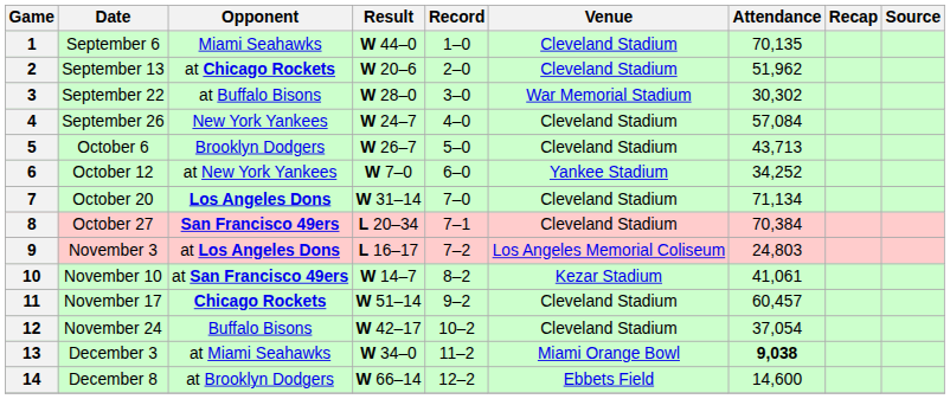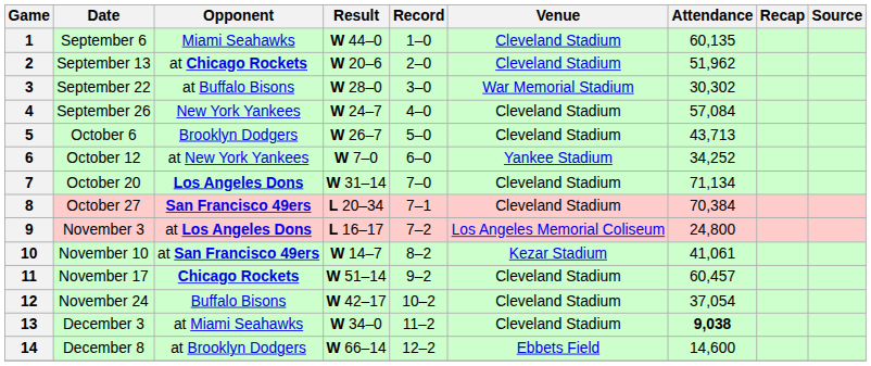 <table class="wikitable" style="text-align:center">
 <tr>
 <th>Game</th>
 <th>Date</th>
 <th>Opponent</th>
 <th>Result</th>
 <th>Record</th>
 <th>Venue</th>
 <th>Attendance</th>
 <th>Recap</th>
 <th>Source</th>
 </tr>
 <tr style="background: #cfc;">
 <th>1</th>
 <td>September 6</td>
 <td><a href='#'>Miami Seahawks</a></td>
 <td><strong>W</strong> 44–0</td>
 <td>1–0</td>
 <td><a href='#'>Cleveland Stadium</a></td>
-<td>70,135</td>
+<td>60,135</td>
 <td></td>
 <td></td>
 </tr>
 <tr style="background: #cfc;">
 <th>2</th>
 <td>September 13</td>
 <td>at <strong><a href='#'>Chicago Rockets</a></strong></td>
 <td><strong>W</strong> 20–6</td>
 <td>2–0</td>
 <td><a href='#'>Cleveland Stadium</a></td>
 <td>51,962</td>
 <td></td>
 <td></td>
 </tr>
 <tr style="background: #cfc;">
 <th>3</th>
 <td>September 22</td>
 <td>at <a href='#'>Buffalo Bisons</a></td>
 <td><strong>W</strong> 28–0</td>
 <td>3–0</td>
 <td><a href='#'>War Memorial Stadium</a></td>
 <td>30,302</td>
 <td></td>
 <td></td>
 </tr>
 <tr style="background: #cfc;">
 <th>4</th>
 <td>September 26</td>
 <td><a href='#'>New York Yankees</a></td>
 <td><strong>W</strong> 24–7</td>
 <td>4–0</td>
 <td>Cleveland Stadium</td>
 <td>57,084</td>
 <td></td>
 <td></td>
 </tr>
 <tr style="background: #cfc;">
 <th>5</th>
 <td>October 6</td>
 <td><a href='#'>Brooklyn Dodgers</a></td>
 <td><strong>W</strong> 26–7</td>
 <td>5–0</td>
 <td>Cleveland Stadium</td>
 <td>43,713</td>
 <td></td>
 <td></td>
 </tr>
 <tr style="background: #cfc;">
 <th>6</th>
 <td>October 12</td>
 <td>at <a href='#'>New York Yankees</a></td>
 <td><strong>W</strong> 7–0</td>
 <td>6–0</td>
 <td><a href='#'>Yankee Stadium</a></td>
 <td>34,252</td>
 <td></td>
 <td></td>
 </tr>
 <tr style="background: #cfc;">
 <th>7</th>
 <td>October 20</td>
 <td><strong><a href='#'>Los Angeles Dons</a></strong></td>
 <td><strong>W</strong> 31–14</td>
 <td>7–0</td>
 <td>Cleveland Stadium</td>
 <td>71,134</td>
 <td></td>
 <td></td>
 </tr>
 <tr style="background: #fcc;">
 <th>8</th>
 <td>October 27</td>
 <td><strong><a href='#'>San Francisco 49ers</a></strong></td>
 <td><strong>L</strong> 20–34</td>
 <td>7–1</td>
 <td>Cleveland Stadium</td>
 <td>70,384</td>
 <td></td>
 <td></td>
 </tr>
 <tr style="background: #fcc;">
 <th>9</th>
 <td>November 3</td>
 <td>at <strong><a href='#'>Los Angeles Dons</a></strong></td>
 <td><strong>L</strong> 16–17</td>
 <td>7–2</td>
 <td><a href='#'>Los Angeles Memorial Coliseum</a></td>
-<td>24,803</td>
+<td>24,800</td>
 <td></td>
 <td></td>
 </tr>
 <tr style="background: #cfc;">
 <th>10</th>
 <td>November 10</td>
 <td>at <strong><a href='#'>San Francisco 49ers</a></strong></td>
 <td><strong>W</strong> 14–7</td>
 <td>8–2</td>
 <td><a href='#'>Kezar Stadium</a></td>
 <td>41,061</td>
 <td></td>
 <td></td>
 </tr>
 <tr style="background: #cfc;">
 <th>11</th>
 <td>November 17</td>
 <td><strong><a href='#'>Chicago Rockets</a></strong></td>
 <td><strong>W</strong> 51–14</td>
 <td>9–2</td>
 <td>Cleveland Stadium</td>
 <td>60,457</td>
 <td></td>
 <td></td>
 </tr>
 <tr style="background: #cfc;">
 <th>12</th>
 <td>November 24</td>
 <td><a href='#'>Buffalo Bisons</a></td>
 <td><strong>W</strong> 42–17</td>
 <td>10–2</td>
 <td>Cleveland Stadium</td>
 <td>37,054</td>
 <td></td>
 <td></td>
 </tr>
 <tr style="background: #cfc;">
 <th>13</th>
 <td>December 3</td>
 <td>at <a href='#'>Miami Seahawks</a></td>
 <td><strong>W</strong> 34–0</td>
 <td>11–2</td>
-<td><a href='#'>Miami Orange Bowl</a></td>
+<td>Cleveland Stadium</td>
 <td><strong>9,038</strong></td>
 <td></td>
 <td></td>
 </tr>
 <tr style="background: #cfc;">
 <th>14</th>
 <td>December 8</td>
 <td>at <a href='#'>Brooklyn Dodgers</a></td>
 <td><strong>W</strong> 66–14</td>
 <td>12–2</td>
 <td><a href='#'>Ebbets Field</a></td>
 <td>14,600</td>
 <td></td>
 <td></td>
 </tr>
 <tr>
 </tr>
 </table>
